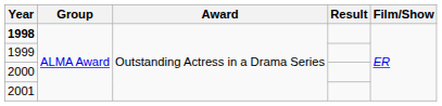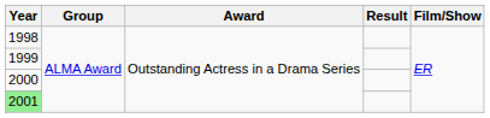 <table class="wikitable">
 <tr>
 <th>Year</th>
 <th>Group</th>
 <th>Award</th>
 <th>Result</th>
 <th>Film/Show</th>
 </tr>
 <tr>
-<td><strong>1998</strong></td>
+<td>1998</td>
 <td rowspan="4"><a href='#'>ALMA Award</a></td>
 <td rowspan="4">Outstanding Actress in a Drama Series</td>
 <td></td>
 <td rowspan="4"><em><a href='#'>ER</a></em></td>
 </tr>
 <tr>
 <td>1999</td>
 <td></td>
 </tr>
 <tr>
 <td>2000</td>
 <td></td>
 </tr>
 <tr>
-<td>2001</td>
+<td style="background: lightgreen;">2001</td>
 <td></td>
 </tr>
 </table>
